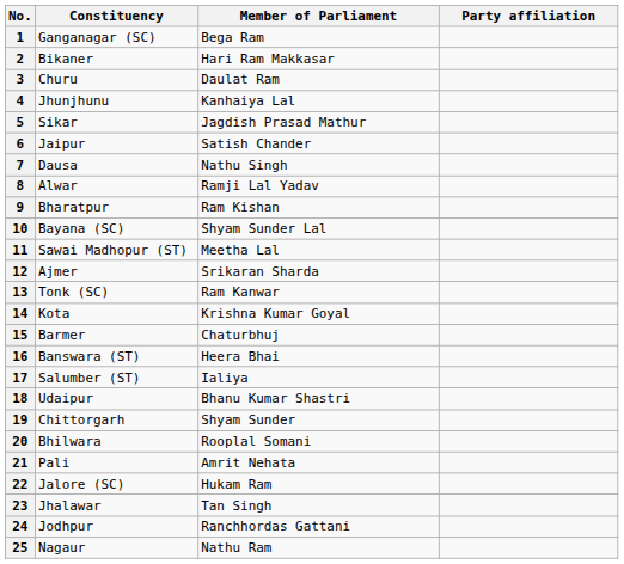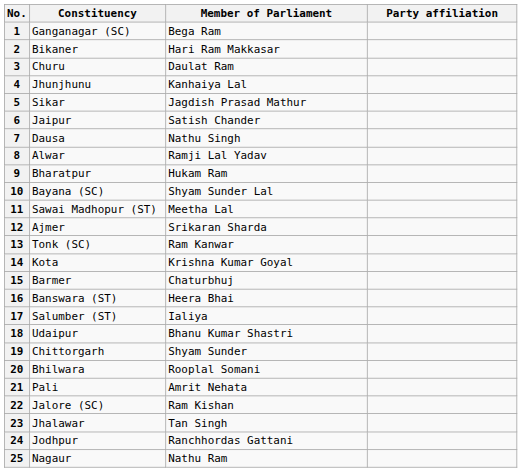 <table class="wikitable sortable">
 <tr style="text-align:center;">
 <th>No.</th>
 <th style="width:12em">Constituency</th>
 <th style="width:18em">Member of Parliament</th>
 <th colspan="2" style="width:18em">Party affiliation</th>
 </tr>
 <tr>
 <th>1</th>
 <td>Ganganagar (SC)</td>
 <td>Bega Ram</td>
 <td></td>
 </tr>
 <tr>
 <th>2</th>
 <td>Bikaner</td>
 <td>Hari Ram Makkasar</td>
 <td></td>
 </tr>
 <tr>
 <th>3</th>
 <td>Churu</td>
 <td>Daulat Ram</td>
 <td></td>
 </tr>
 <tr>
 <th>4</th>
 <td>Jhunjhunu</td>
 <td>Kanhaiya Lal</td>
 <td></td>
 </tr>
 <tr>
 <th>5</th>
 <td>Sikar</td>
 <td>Jagdish Prasad Mathur</td>
 <td></td>
 </tr>
 <tr>
 <th>6</th>
 <td>Jaipur</td>
 <td>Satish Chander</td>
 <td></td>
 </tr>
 <tr>
 <th>7</th>
 <td>Dausa</td>
 <td>Nathu Singh</td>
 <td></td>
 </tr>
 <tr>
 <th>8</th>
 <td>Alwar</td>
 <td>Ramji Lal Yadav</td>
 <td></td>
 </tr>
 <tr>
 <th>9</th>
 <td>Bharatpur</td>
-<td>Ram Kishan</td>
+<td>Hukam Ram</td>
 <td></td>
 </tr>
 <tr>
 <th>10</th>
 <td>Bayana (SC)</td>
 <td>Shyam Sunder Lal</td>
 <td></td>
 </tr>
 <tr>
 <th>11</th>
 <td>Sawai Madhopur (ST)</td>
 <td>Meetha Lal</td>
 <td></td>
 </tr>
 <tr>
 <th>12</th>
 <td>Ajmer</td>
 <td>Srikaran Sharda</td>
 <td></td>
 </tr>
 <tr>
 <th>13</th>
 <td>Tonk (SC)</td>
 <td>Ram Kanwar</td>
 <td></td>
 </tr>
 <tr>
 <th>14</th>
 <td>Kota</td>
 <td>Krishna Kumar Goyal</td>
 <td></td>
 </tr>
 <tr>
 <th>15</th>
 <td>Barmer</td>
 <td>Chaturbhuj</td>
 <td></td>
 </tr>
 <tr>
 <th>16</th>
 <td>Banswara (ST)</td>
 <td>Heera Bhai</td>
 <td></td>
 </tr>
 <tr>
 <th>17</th>
 <td>Salumber (ST)</td>
 <td>Ialiya</td>
 <td></td>
 </tr>
 <tr>
 <th>18</th>
 <td>Udaipur</td>
 <td>Bhanu Kumar Shastri</td>
 <td></td>
 </tr>
 <tr>
 <th>19</th>
 <td>Chittorgarh</td>
 <td>Shyam Sunder</td>
 <td></td>
 </tr>
 <tr>
 <th>20</th>
 <td>Bhilwara</td>
 <td>Rooplal Somani</td>
 <td></td>
 </tr>
 <tr>
 <th>21</th>
 <td>Pali</td>
 <td>Amrit Nehata</td>
 <td></td>
 </tr>
 <tr>
 <th>22</th>
 <td>Jalore (SC)</td>
-<td>Hukam Ram</td>
+<td>Ram Kishan</td>
 <td></td>
 </tr>
 <tr>
 <th>23</th>
 <td>Jhalawar</td>
 <td>Tan Singh</td>
 <td></td>
 </tr>
 <tr>
 <th>24</th>
 <td>Jodhpur</td>
 <td>Ranchhordas Gattani</td>
 <td></td>
 </tr>
 <tr>
 <th>25</th>
 <td>Nagaur</td>
 <td>Nathu Ram</td>
 <td></td>
 </tr>
 </table>
